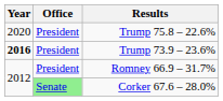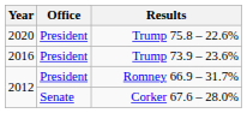 <table class=wikitable>
 <tr>
 <th width="30">Year</th>
 <th width="60">Office</th>
 <th width="180">Results</th>
 </tr>
 <tr>
 <td>2020</td>
 <td><a href='#'>President</a></td>
 <td align="right" ><a href='#'>Trump</a> 75.8 – 22.6%</td>
 </tr>
 <tr>
-<td><strong>2016</strong></td>
+<td>2016</td>
 <td><a href='#'>President</a></td>
 <td align="right" ><a href='#'>Trump</a> 73.9 – 23.6%</td>
 </tr>
 <tr>
 <td rowspan="2">2012</td>
 <td><a href='#'>President</a></td>
 <td align="right" ><a href='#'>Romney</a> 66.9 – 31.7%</td>
 </tr>
 <tr>
-<td style="background: lightgreen;"><a href='#'>Senate</a></td>
+<td><a href='#'>Senate</a></td>
 <td align="right" ><a href='#'>Corker</a> 67.6 – 28.0%</td>
 </tr>
 </table>
